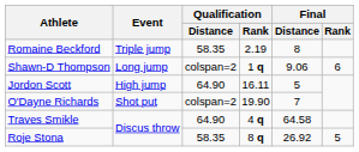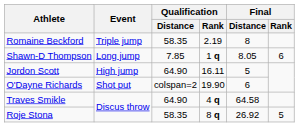 <table class="wikitable" style="font-size:90%; text-align:center">
 <tr>
 <th rowspan=2>Athlete</th>
 <th rowspan=2>Event</th>
 <th colspan=2>Qualification</th>
 <th colspan=2>Final</th>
 </tr>
 <tr style="font-size:95%">
 <th>Distance</th>
 <th>Rank</th>
 <th>Distance</th>
 <th>Rank</th>
 </tr>
 <tr>
 <td align=left><a href='#'>Romaine Beckford</a></td>
 <td align=left rowspan=1><a href='#'>Triple jump</a></td>
 <td>58.35</td>
 <td>2.19</td>
 <td>8</td>
 </tr>
 <tr>
 <td align=left><a href='#'>Shawn-D Thompson</a></td>
 <td align=left rowspan=1><a href='#'>Long jump</a></td>
-<td>colspan=2 </td>
+<td>7.85</td>
 <td>1 <strong>q</strong></td>
-<td>9.06</td>
+<td>8.05</td>
 <td>6</td>
 </tr>
 <tr>
 <td align=left><a href='#'>Jordon Scott</a></td>
 <td align=left rowspan=1><a href='#'>High jump</a></td>
 <td>64.90</td>
 <td>16.11</td>
 <td>5</td>
 </tr>
 <tr>
 <td align=left><a href='#'>O'Dayne Richards</a></td>
 <td align=left rowspan=1><a href='#'>Shot put</a></td>
 <td>colspan=2 </td>
 <td>19.90</td>
-<td>7</td>
+<td>6</td>
 </tr>
 <tr>
 <td align=left><a href='#'>Traves Smikle</a></td>
 <td align=left rowspan=2><a href='#'>Discus throw</a></td>
 <td>64.90</td>
 <td>4 <strong>q</strong></td>
 <td>64.58</td>
 <td></td>
 </tr>
 <tr>
 <td align=left><a href='#'>Roje Stona</a></td>
 <td>58.35</td>
 <td>8 <strong>q</strong></td>
 <td>26.92</td>
 <td>5</td>
 </tr>
 </table>
